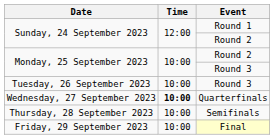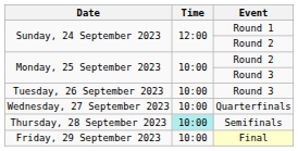 <table class = "wikitable" style="text-align:center;">
 <tr>
 <th width=220>Date</th>
 <th width=50>Time</th>
 <th width=100>Event</th>
 </tr>
 <tr>
 <td rowspan=2>Sunday, 24 September 2023</td>
 <td rowspan=2>12:00</td>
 <td>Round 1</td>
 </tr>
 <tr>
 <td>Round 2</td>
 </tr>
 <tr>
 <td rowspan=2>Monday, 25 September 2023</td>
 <td rowspan=2>10:00</td>
 <td>Round 2</td>
 </tr>
 <tr>
 <td>Round 3</td>
 </tr>
 <tr>
 <td>Tuesday, 26 September 2023</td>
 <td>10:00</td>
 <td>Round 3</td>
 </tr>
 <tr>
 <td>Wednesday, 27 September 2023</td>
-<td><strong>10:00</strong></td>
+<td>10:00</td>
 <td>Quarterfinals</td>
 </tr>
 <tr>
 <td>Thursday, 28 September 2023</td>
-<td>10:00</td>
+<td style="background: paleturquoise;">10:00</td>
 <td>Semifinals</td>
 </tr>
 <tr>
 <td>Friday, 29 September 2023</td>
 <td>10:00</td>
 <td bgcolor=ffffcc>Final</td>
 </tr>
 </table>
